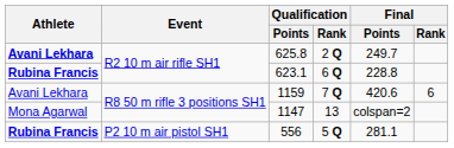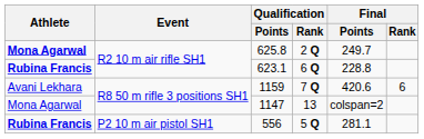 <table class="wikitable" style="font-size:90%">
 <tr>
 <th rowspan="2">Athlete</th>
 <th rowspan="2">Event</th>
 <th colspan="2">Qualification</th>
 <th colspan="2">Final</th>
 </tr>
 <tr style="font-size:95%">
 <th>Points</th>
 <th>Rank</th>
 <th>Points</th>
 <th>Rank</th>
 </tr>
 <tr align=center>
-<td align=left><strong><a href='#'>Avani Lekhara</a></strong></td>
+<td align=left><strong><a href='#'>Mona Agarwal</a></strong></td>
 <td rowspan="2" align="left"><a href='#'>R2 10 m air rifle SH1</a></td>
 <td>625.8</td>
 <td>2 <strong>Q</strong></td>
 <td>249.7 <strong></strong></td>
 <td></td>
 </tr>
 <tr align=center>
 <td align=left><strong><a href='#'>Rubina Francis</a></strong></td>
 <td>623.1</td>
 <td>6 <strong>Q</strong></td>
 <td>228.8</td>
 <td></td>
 </tr>
 <tr align=center>
 <td align=left><a href='#'>Avani Lekhara</a></td>
 <td align="left" rowspan="2"><a href='#'>R8 50 m rifle 3 positions SH1</a></td>
 <td>1159</td>
 <td>7 <strong>Q</strong></td>
 <td>420.6</td>
 <td>6</td>
 </tr>
 <tr align=center>
 <td align=left><a href='#'>Mona Agarwal</a></td>
 <td>1147</td>
 <td>13</td>
 <td>colspan=2 </td>
 </tr>
 <tr align=center>
 <td align=left><strong><a href='#'>Rubina Francis</a></strong></td>
 <td align="left"><a href='#'>P2 10 m air pistol SH1</a></td>
 <td>556</td>
 <td>5 <strong>Q</strong></td>
 <td>281.1</td>
 <td></td>
 </tr>
 </table>
